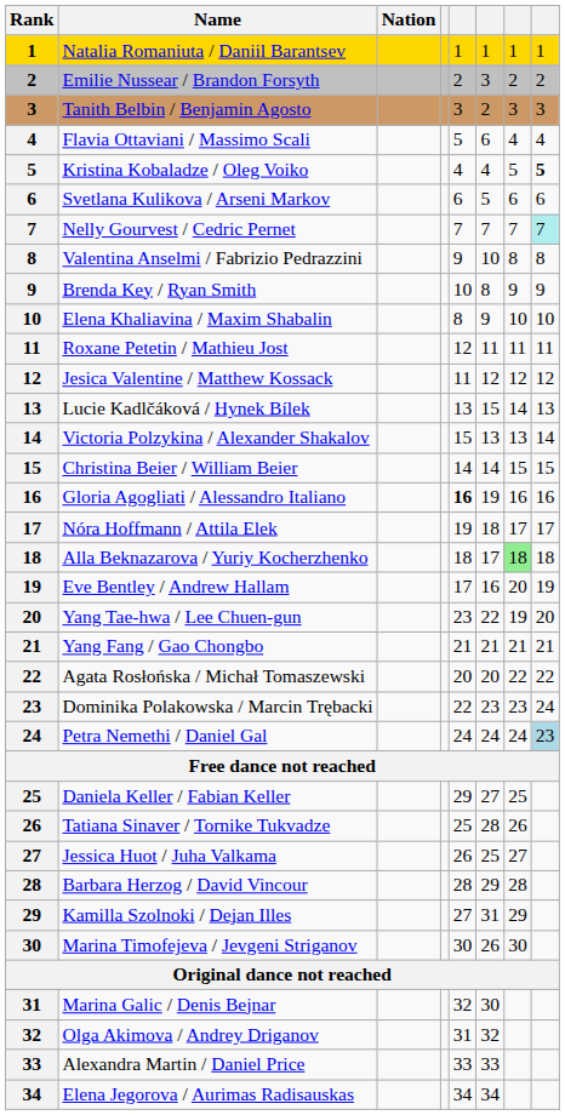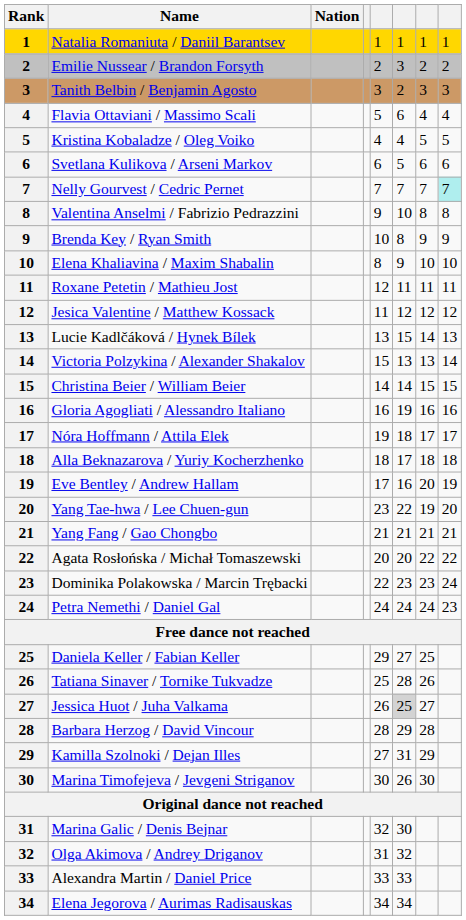 <table class="wikitable sortable">
 <tr>
 <th>Rank</th>
 <th>Name</th>
 <th>Nation</th>
 <th></th>
 <th></th>
 <th></th>
 <th></th>
 <th></th>
 </tr>
 <tr bgcolor=gold>
 <td align=center><strong>1</strong></td>
 <td><a href='#'>Natalia Romaniuta</a> / <a href='#'>Daniil Barantsev</a></td>
 <td></td>
 <td></td>
 <td>1</td>
 <td>1</td>
 <td>1</td>
 <td>1</td>
 </tr>
 <tr bgcolor=silver>
 <td align=center><strong>2</strong></td>
 <td><a href='#'>Emilie Nussear</a> / <a href='#'>Brandon Forsyth</a></td>
 <td></td>
 <td></td>
 <td>2</td>
 <td>3</td>
 <td>2</td>
 <td>2</td>
 </tr>
 <tr bgcolor=cc9966>
 <td align=center><strong>3</strong></td>
 <td><a href='#'>Tanith Belbin</a> / <a href='#'>Benjamin Agosto</a></td>
 <td></td>
 <td></td>
 <td>3</td>
 <td>2</td>
 <td>3</td>
 <td>3</td>
 </tr>
 <tr>
 <th>4</th>
 <td><a href='#'>Flavia Ottaviani</a> / <a href='#'>Massimo Scali</a></td>
 <td></td>
 <td></td>
 <td>5</td>
 <td>6</td>
 <td>4</td>
 <td>4</td>
 </tr>
 <tr>
 <th>5</th>
 <td><a href='#'>Kristina Kobaladze</a> / <a href='#'>Oleg Voiko</a></td>
 <td></td>
 <td></td>
 <td>4</td>
 <td>4</td>
 <td>5</td>
-<td><strong>5</strong></td>
+<td>5</td>
 </tr>
 <tr>
 <th>6</th>
 <td><a href='#'>Svetlana Kulikova</a> / <a href='#'>Arseni Markov</a></td>
 <td></td>
 <td></td>
 <td>6</td>
 <td>5</td>
 <td>6</td>
 <td>6</td>
 </tr>
 <tr>
 <th>7</th>
 <td><a href='#'>Nelly Gourvest</a> / <a href='#'>Cedric Pernet</a></td>
 <td></td>
 <td></td>
 <td>7</td>
 <td>7</td>
 <td>7</td>
 <td style="background: paleturquoise;">7</td>
 </tr>
 <tr>
 <th>8</th>
 <td><a href='#'>Valentina Anselmi</a> / Fabrizio Pedrazzini</td>
 <td></td>
 <td></td>
 <td>9</td>
 <td>10</td>
 <td>8</td>
 <td>8</td>
 </tr>
 <tr>
 <th>9</th>
 <td><a href='#'>Brenda Key</a> / <a href='#'>Ryan Smith</a></td>
 <td></td>
 <td></td>
 <td>10</td>
 <td>8</td>
 <td>9</td>
 <td>9</td>
 </tr>
 <tr>
 <th>10</th>
 <td><a href='#'>Elena Khaliavina</a> / <a href='#'>Maxim Shabalin</a></td>
 <td></td>
 <td></td>
 <td>8</td>
 <td>9</td>
 <td>10</td>
 <td>10</td>
 </tr>
 <tr>
 <th>11</th>
 <td><a href='#'>Roxane Petetin</a> / <a href='#'>Mathieu Jost</a></td>
 <td></td>
 <td></td>
 <td>12</td>
 <td>11</td>
 <td>11</td>
 <td>11</td>
 </tr>
 <tr>
 <th>12</th>
 <td><a href='#'>Jesica Valentine</a> / <a href='#'>Matthew Kossack</a></td>
 <td></td>
 <td></td>
 <td>11</td>
 <td>12</td>
 <td>12</td>
 <td>12</td>
 </tr>
 <tr>
 <th>13</th>
 <td>Lucie Kadlčáková / <a href='#'>Hynek Bílek</a></td>
 <td></td>
 <td></td>
 <td>13</td>
 <td>15</td>
 <td>14</td>
 <td>13</td>
 </tr>
 <tr>
 <th>14</th>
 <td><a href='#'>Victoria Polzykina</a> / <a href='#'>Alexander Shakalov</a></td>
 <td></td>
 <td></td>
 <td>15</td>
 <td>13</td>
 <td>13</td>
 <td>14</td>
 </tr>
 <tr>
 <th>15</th>
 <td><a href='#'>Christina Beier</a> / <a href='#'>William Beier</a></td>
 <td></td>
 <td></td>
 <td>14</td>
 <td>14</td>
 <td>15</td>
 <td>15</td>
 </tr>
 <tr>
 <th>16</th>
 <td><a href='#'>Gloria Agogliati</a> / <a href='#'>Alessandro Italiano</a></td>
 <td></td>
 <td></td>
-<td><strong>16</strong></td>
+<td>16</td>
 <td>19</td>
 <td>16</td>
 <td>16</td>
 </tr>
 <tr>
 <th>17</th>
 <td><a href='#'>Nóra Hoffmann</a> / <a href='#'>Attila Elek</a></td>
 <td></td>
 <td></td>
 <td>19</td>
 <td>18</td>
 <td>17</td>
 <td>17</td>
 </tr>
 <tr>
 <th>18</th>
 <td><a href='#'>Alla Beknazarova</a> / <a href='#'>Yuriy Kocherzhenko</a></td>
 <td></td>
 <td></td>
 <td>18</td>
 <td>17</td>
-<td style="background: lightgreen;">18</td>
+<td>18</td>
 <td>18</td>
 </tr>
 <tr>
 <th>19</th>
 <td><a href='#'>Eve Bentley</a> / <a href='#'>Andrew Hallam</a></td>
 <td></td>
 <td></td>
 <td>17</td>
 <td>16</td>
 <td>20</td>
 <td>19</td>
 </tr>
 <tr>
 <th>20</th>
 <td><a href='#'>Yang Tae-hwa</a> / <a href='#'>Lee Chuen-gun</a></td>
 <td></td>
 <td></td>
 <td>23</td>
 <td>22</td>
 <td>19</td>
 <td>20</td>
 </tr>
 <tr>
 <th>21</th>
 <td><a href='#'>Yang Fang</a> / <a href='#'>Gao Chongbo</a></td>
 <td></td>
 <td></td>
 <td>21</td>
 <td>21</td>
 <td>21</td>
 <td>21</td>
 </tr>
 <tr>
 <th>22</th>
 <td>Agata Rosłońska / Michał Tomaszewski</td>
 <td></td>
 <td></td>
 <td>20</td>
 <td>20</td>
 <td>22</td>
 <td>22</td>
 </tr>
 <tr>
 <th>23</th>
 <td>Dominika Polakowska / Marcin Trębacki</td>
 <td></td>
 <td></td>
 <td>22</td>
 <td>23</td>
 <td>23</td>
 <td>24</td>
 </tr>
 <tr>
 <th>24</th>
 <td><a href='#'>Petra Nemethi</a> / <a href='#'>Daniel Gal</a></td>
 <td></td>
 <td></td>
 <td>24</td>
 <td>24</td>
 <td>24</td>
-<td style="background: lightblue;">23</td>
+<td>23</td>
 </tr>
 <tr>
 <th colspan=8>Free dance not reached</th>
 </tr>
 <tr>
 <th>25</th>
 <td><a href='#'>Daniela Keller</a> / <a href='#'>Fabian Keller</a></td>
 <td></td>
 <td></td>
 <td>29</td>
 <td>27</td>
 <td>25</td>
 <td></td>
 </tr>
 <tr>
 <th>26</th>
 <td><a href='#'>Tatiana Sinaver</a> / <a href='#'>Tornike Tukvadze</a></td>
 <td></td>
 <td></td>
 <td>25</td>
 <td>28</td>
 <td>26</td>
 <td></td>
 </tr>
 <tr>
 <th>27</th>
 <td><a href='#'>Jessica Huot</a> / <a href='#'>Juha Valkama</a></td>
 <td></td>
 <td></td>
 <td>26</td>
-<td>25</td>
+<td style="background: lightgrey;">25</td>
 <td>27</td>
 <td></td>
 </tr>
 <tr>
 <th>28</th>
 <td><a href='#'>Barbara Herzog</a> / <a href='#'>David Vincour</a></td>
 <td></td>
 <td></td>
 <td>28</td>
 <td>29</td>
 <td>28</td>
 <td></td>
 </tr>
 <tr>
 <th>29</th>
 <td><a href='#'>Kamilla Szolnoki</a> / <a href='#'>Dejan Illes</a></td>
 <td></td>
 <td></td>
 <td>27</td>
 <td>31</td>
 <td>29</td>
 <td></td>
 </tr>
 <tr>
 <th>30</th>
 <td><a href='#'>Marina Timofejeva</a> / <a href='#'>Jevgeni Striganov</a></td>
 <td></td>
 <td></td>
 <td>30</td>
 <td>26</td>
 <td>30</td>
 <td></td>
 </tr>
 <tr>
 <th colspan=8>Original dance not reached</th>
 </tr>
 <tr>
 <th>31</th>
 <td><a href='#'>Marina Galic</a> / <a href='#'>Denis Bejnar</a></td>
 <td></td>
 <td></td>
 <td>32</td>
 <td>30</td>
 <td></td>
 <td></td>
 </tr>
 <tr>
 <th>32</th>
 <td><a href='#'>Olga Akimova</a> / <a href='#'>Andrey Driganov</a></td>
 <td></td>
 <td></td>
 <td>31</td>
 <td>32</td>
 <td></td>
 <td></td>
 </tr>
 <tr>
 <th>33</th>
 <td>Alexandra Martin / <a href='#'>Daniel Price</a></td>
 <td></td>
 <td></td>
 <td>33</td>
 <td>33</td>
 <td></td>
 <td></td>
 </tr>
 <tr>
 <th>34</th>
 <td><a href='#'>Elena Jegorova</a> / <a href='#'>Aurimas Radisauskas</a></td>
 <td></td>
 <td></td>
 <td>34</td>
 <td>34</td>
 <td></td>
 <td></td>
 </tr>
 </table>
